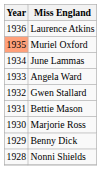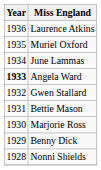 <table class="wikitable sortable" style="font-size:95%;">
 <tr>
 <th>Year</th>
 <th>Miss England</th>
 </tr>
 <tr>
 <td>1936</td>
 <td>Laurence Atkins</td>
 </tr>
 <tr>
-<td style="background: lightsalmon;">1935</td>
+<td>1935</td>
 <td>Muriel Oxford</td>
 </tr>
 <tr>
 <td>1934</td>
 <td>June Lammas</td>
 </tr>
 <tr>
-<td>1933</td>
+<td><strong>1933</strong></td>
 <td>Angela Ward</td>
 </tr>
 <tr>
 <td>1932</td>
 <td>Gwen Stallard</td>
 </tr>
 <tr>
 <td>1931</td>
 <td>Bettie Mason</td>
 </tr>
 <tr>
 <td>1930</td>
 <td>Marjorie Ross</td>
 </tr>
 <tr>
 <td>1929</td>
 <td>Benny Dick</td>
 </tr>
 <tr>
 <td>1928</td>
 <td>Nonni Shields</td>
 </tr>
 <tr>
 </tr>
 </table>
